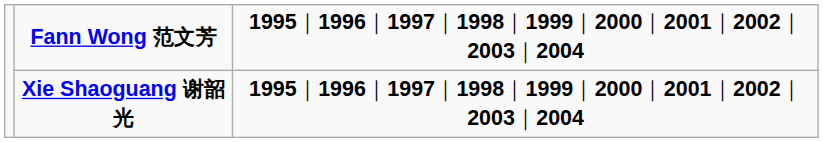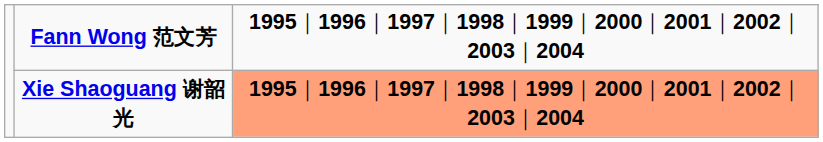 <table class="wikitable" style="text-align:center">
 <tr>
 <td rowspan=2><div></div></td>
 <td><strong><a href='#'>Fann Wong</a> 范文芳</strong></td>
 <td><strong>1995</strong>｜<strong>1996</strong>｜<strong>1997</strong>｜<strong>1998</strong>｜<strong>1999</strong>｜<strong>2000</strong>｜<strong>2001</strong>｜<strong>2002</strong>｜<strong>2003</strong>｜<strong>2004</strong></td>
 </tr>
 <tr>
 <td><strong><a href='#'>Xie Shaoguang</a> 谢韶光</strong></td>
-<td><strong>1995</strong>｜<strong>1996</strong>｜<strong>1997</strong>｜<strong>1998</strong>｜<strong>1999</strong>｜<strong>2000</strong>｜<strong>2001</strong>｜<strong>2002</strong>｜<strong>2003</strong>｜<strong>2004</strong></td>
+<td style="background: lightsalmon;"><strong>1995</strong>｜<strong>1996</strong>｜<strong>1997</strong>｜<strong>1998</strong>｜<strong>1999</strong>｜<strong>2000</strong>｜<strong>2001</strong>｜<strong>2002</strong>｜<strong>2003</strong>｜<strong>2004</strong></td>
 </tr>
 </table>
